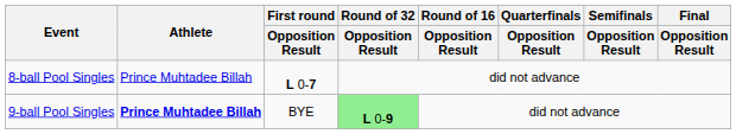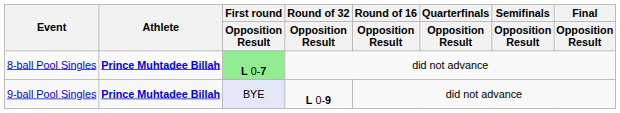 <table class="wikitable" style="font-size:90%">
 <tr>
 <th rowspan="2">Event</th>
 <th rowspan="2">Athlete</th>
 <th>First round</th>
 <th>Round of 32</th>
 <th>Round of 16</th>
 <th>Quarterfinals</th>
 <th>Semifinals</th>
 <th>Final</th>
 </tr>
 <tr>
 <th>Opposition<br>Result</th>
 <th>Opposition<br>Result</th>
 <th>Opposition<br>Result</th>
 <th>Opposition<br>Result</th>
 <th>Opposition<br>Result</th>
 <th>Opposition<br>Result</th>
 </tr>
 <tr>
 <td><a href='#'>8-ball Pool Singles</a></td>
-<td><a href='#'>Prince Muhtadee Billah</a></td>
-<td align=center><br><strong>L</strong> 0-<strong>7</strong></td>
+<td><strong><a href='#'>Prince Muhtadee Billah</a></strong></td>
+<td align=center style="background: lightgreen;"><br><strong>L</strong> 0-<strong>7</strong></td>
 <td align=center colspan="7">did not advance</td>
 </tr>
 <tr>
 <td><a href='#'>9-ball Pool Singles</a></td>
 <td><strong><a href='#'>Prince Muhtadee Billah</a></strong></td>
-<td align=center>BYE</td>
-<td align=center style="background: lightgreen;"><br><strong>L</strong> 0-<strong>9</strong></td>
+<td align=center style="background: lavender;">BYE</td>
+<td align=center><br><strong>L</strong> 0-<strong>9</strong></td>
 <td align=center colspan="7">did not advance</td>
 </tr>
 </table>
